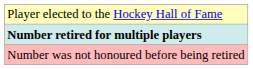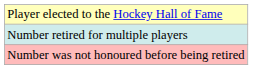 <table class="wikitable floatright">
 <tr>
 <td style="background:#ffb;">Player elected to the <a href='#'>Hockey Hall of Fame</a></td>
 </tr>
 <tr>
-<td style="background:#cfecec;"><strong>Number retired for multiple players</strong></td>
+<td style="background:#cfecec;">Number retired for multiple players</td>
 </tr>
 <tr>
 <td style="background:#ffbbbb;">Number was not honoured before being retired</td>
 </tr>
 </table>
